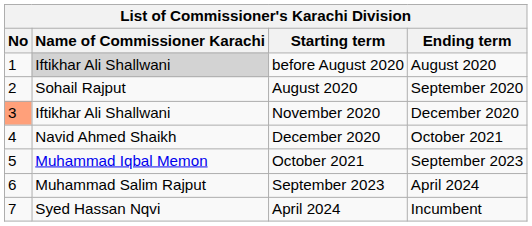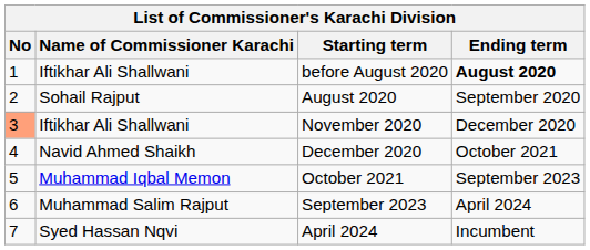 <table class="wikitable">
 <tr>
 <th colspan="4">List of Commissioner's Karachi Division</th>
 </tr>
 <tr>
 <th>No</th>
 <th>Name of Commissioner Karachi</th>
 <th>Starting term</th>
 <th>Ending term</th>
 </tr>
 <tr 1>
 <td>1</td>
-<td style="background: lightgrey;">Iftikhar Ali Shallwani</td>
+<td>Iftikhar Ali Shallwani</td>
 <td>before August 2020</td>
-<td>August 2020</td>
+<td><strong>August 2020</strong></td>
 </tr>
 <tr>
 <td>2</td>
 <td>Sohail Rajput</td>
 <td>August 2020</td>
 <td>September 2020</td>
 </tr>
 <tr>
 <td style="background: lightsalmon;">3</td>
 <td>Iftikhar Ali Shallwani</td>
 <td>November 2020</td>
 <td>December 2020</td>
 </tr>
 <tr>
 <td>4</td>
 <td>Navid Ahmed Shaikh</td>
 <td>December 2020</td>
 <td>October 2021</td>
 </tr>
 <tr>
 <td>5</td>
 <td><a href='#'>Muhammad Iqbal Memon</a></td>
 <td>October 2021</td>
 <td>September 2023</td>
 </tr>
 <tr>
 <td>6</td>
 <td>Muhammad Salim Rajput</td>
 <td>September 2023</td>
 <td>April 2024</td>
 </tr>
 <tr>
 <td>7</td>
 <td>Syed Hassan Nqvi</td>
 <td>April 2024</td>
 <td>Incumbent</td>
 </tr>
 </table>
